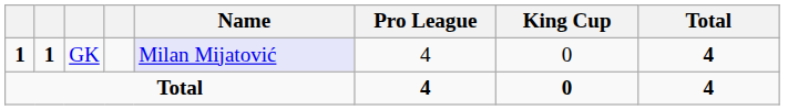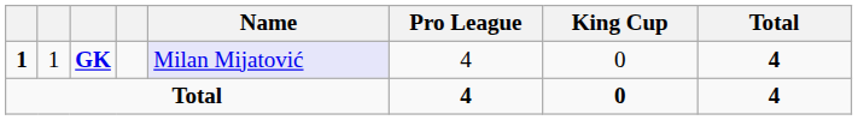 <table class="wikitable" style="text-align:center">
 <tr>
 <th width=15></th>
 <th width=15></th>
 <th width=15></th>
 <th width=15></th>
 <th width=160>Name</th>
 <th width=100>Pro League</th>
 <th width=100>King Cup</th>
 <th width=100>Total</th>
 </tr>
 <tr>
 <td><strong>1</strong></td>
-<td><strong>1</strong></td>
-<td><a href='#'>GK</a></td>
+<td>1</td>
+<td><strong><a href='#'>GK</a></strong></td>
 <td></td>
 <td align=left style="background: lavender;"><a href='#'>Milan Mijatović</a></td>
 <td>4</td>
 <td>0</td>
 <td><strong>4</strong></td>
 </tr>
 <tr>
 <td colspan=5><strong>Total</strong></td>
 <td><strong>4</strong></td>
 <td><strong>0</strong></td>
 <td><strong>4</strong></td>
 </tr>
 </table>
